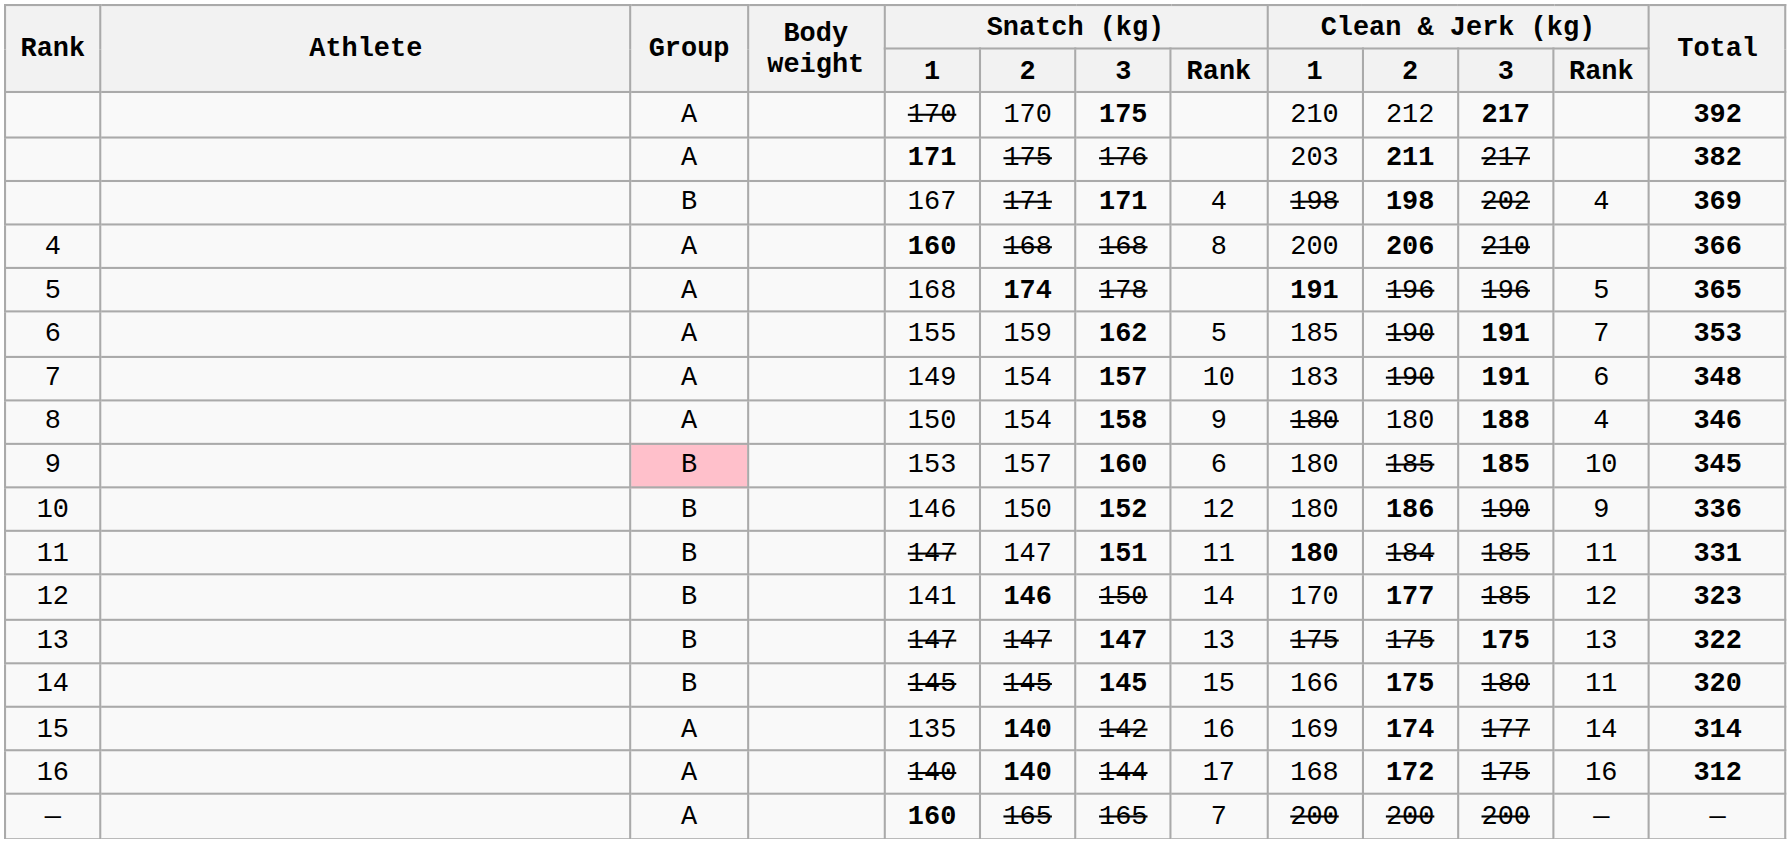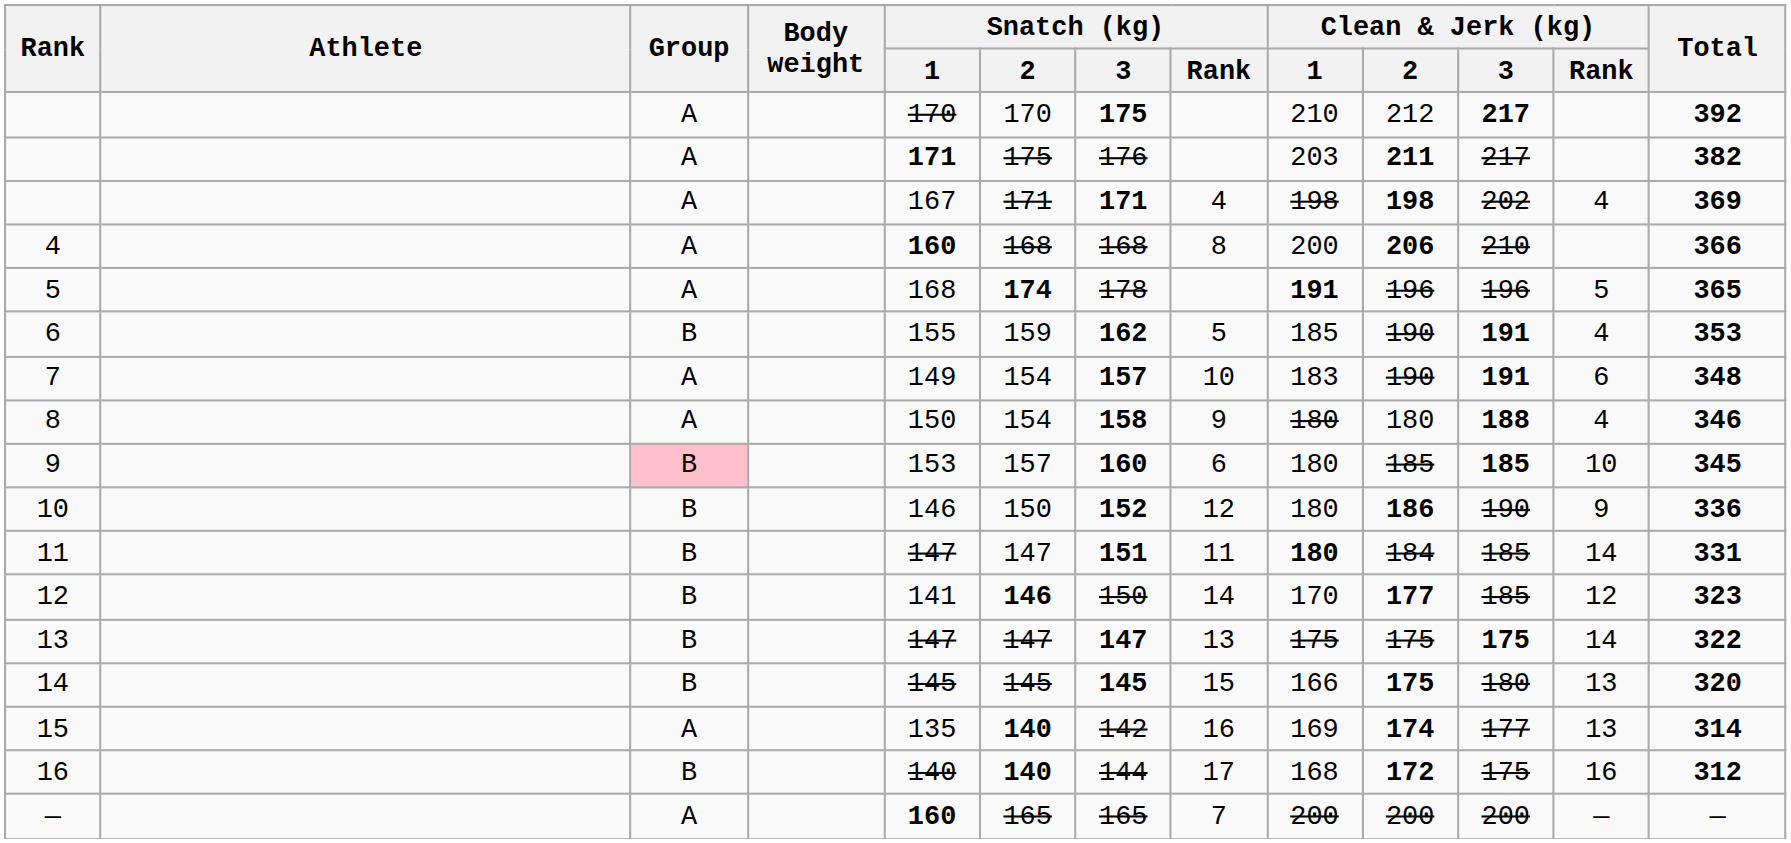 <table class = "wikitable" style="text-align:center;">
 <tr>
 <th rowspan=2 width=40>Rank</th>
 <th rowspan=2 width=250>Athlete</th>
 <th rowspan=2 width=50>Group</th>
 <th rowspan=2 width=60>Body weight</th>
 <th colspan=4>Snatch (kg)</th>
 <th colspan=4>Clean & Jerk (kg)</th>
 <th rowspan=2 width=60>Total</th>
 </tr>
 <tr>
 <th width=40>1</th>
 <th width=40>2</th>
 <th width=40>3</th>
 <th width=40>Rank</th>
 <th width=40>1</th>
 <th width=40>2</th>
 <th width=40>3</th>
 <th width=40>Rank</th>
 </tr>
 <tr>
 <td></td>
 <td align=left></td>
 <td>A</td>
 <td></td>
 <td><s>170</s></td>
 <td>170</td>
 <td><strong>175</strong></td>
 <td></td>
 <td>210</td>
 <td>212</td>
 <td><strong>217</strong></td>
 <td></td>
 <td><strong>392</strong></td>
 </tr>
 <tr>
 <td></td>
 <td align=left></td>
 <td>A</td>
 <td></td>
 <td><strong>171</strong></td>
 <td><s>175</s></td>
 <td><s>176</s></td>
 <td></td>
 <td>203</td>
 <td><strong>211</strong></td>
 <td><s>217</s></td>
 <td></td>
 <td><strong>382</strong></td>
 </tr>
 <tr>
 <td></td>
 <td align=left></td>
-<td>B</td>
+<td>A</td>
 <td></td>
 <td>167</td>
 <td><s>171</s></td>
 <td><strong>171</strong></td>
 <td>4</td>
 <td><s>198</s></td>
 <td><strong>198</strong></td>
 <td><s>202</s></td>
 <td>4</td>
 <td><strong>369</strong></td>
 </tr>
 <tr>
 <td>4</td>
 <td align=left></td>
 <td>A</td>
 <td></td>
 <td><strong>160</strong></td>
 <td><s>168</s></td>
 <td><s>168</s></td>
 <td>8</td>
 <td>200</td>
 <td><strong>206</strong></td>
 <td><s>210</s></td>
 <td></td>
 <td><strong>366</strong></td>
 </tr>
 <tr>
 <td>5</td>
 <td align=left></td>
 <td>A</td>
 <td></td>
 <td>168</td>
 <td><strong>174</strong></td>
 <td><s>178</s></td>
 <td></td>
 <td><strong>191</strong></td>
 <td><s>196</s></td>
 <td><s>196</s></td>
 <td>5</td>
 <td><strong>365</strong></td>
 </tr>
 <tr>
 <td>6</td>
 <td align=left></td>
-<td>A</td>
+<td>B</td>
 <td></td>
 <td>155</td>
 <td>159</td>
 <td><strong>162</strong></td>
 <td>5</td>
 <td>185</td>
 <td><s>190</s></td>
 <td><strong>191</strong></td>
-<td>7</td>
+<td>4</td>
 <td><strong>353</strong></td>
 </tr>
 <tr>
 <td>7</td>
 <td align=left></td>
 <td>A</td>
 <td></td>
 <td>149</td>
 <td>154</td>
 <td><strong>157</strong></td>
 <td>10</td>
 <td>183</td>
 <td><s>190</s></td>
 <td><strong>191</strong></td>
 <td>6</td>
 <td><strong>348</strong></td>
 </tr>
 <tr>
 <td>8</td>
 <td align=left></td>
 <td>A</td>
 <td></td>
 <td>150</td>
 <td>154</td>
 <td><strong>158</strong></td>
 <td>9</td>
 <td><s>180</s></td>
 <td>180</td>
 <td><strong>188</strong></td>
 <td>4</td>
 <td><strong>346</strong></td>
 </tr>
 <tr>
 <td>9</td>
 <td align=left></td>
 <td style="background: pink;">B</td>
 <td></td>
 <td>153</td>
 <td>157</td>
 <td><strong>160</strong></td>
 <td>6</td>
 <td>180</td>
 <td><s>185</s></td>
 <td><strong>185</strong></td>
 <td>10</td>
 <td><strong>345</strong></td>
 </tr>
 <tr>
 <td>10</td>
 <td align=left></td>
 <td>B</td>
 <td></td>
 <td>146</td>
 <td>150</td>
 <td><strong>152</strong></td>
 <td>12</td>
 <td>180</td>
 <td><strong>186</strong></td>
 <td><s>190</s></td>
 <td>9</td>
 <td><strong>336</strong></td>
 </tr>
 <tr>
 <td>11</td>
 <td align=left></td>
 <td>B</td>
 <td></td>
 <td><s>147</s></td>
 <td>147</td>
 <td><strong>151</strong></td>
 <td>11</td>
 <td><strong>180</strong></td>
 <td><s>184</s></td>
 <td><s>185</s></td>
-<td>11</td>
+<td>14</td>
 <td><strong>331</strong></td>
 </tr>
 <tr>
 <td>12</td>
 <td align=left></td>
 <td>B</td>
 <td></td>
 <td>141</td>
 <td><strong>146</strong></td>
 <td><s>150</s></td>
 <td>14</td>
 <td>170</td>
 <td><strong>177</strong></td>
 <td><s>185</s></td>
 <td>12</td>
 <td><strong>323</strong></td>
 </tr>
 <tr>
 <td>13</td>
 <td align=left></td>
 <td>B</td>
 <td></td>
 <td><s>147</s></td>
 <td><s>147</s></td>
 <td><strong>147</strong></td>
 <td>13</td>
 <td><s>175</s></td>
 <td><s>175</s></td>
 <td><strong>175</strong></td>
-<td>13</td>
+<td>14</td>
 <td><strong>322</strong></td>
 </tr>
 <tr>
 <td>14</td>
 <td align=left></td>
 <td>B</td>
 <td></td>
 <td><s>145</s></td>
 <td><s>145</s></td>
 <td><strong>145</strong></td>
 <td>15</td>
 <td>166</td>
 <td><strong>175</strong></td>
 <td><s>180</s></td>
-<td>11</td>
+<td>13</td>
 <td><strong>320</strong></td>
 </tr>
 <tr>
 <td>15</td>
 <td align=left></td>
 <td>A</td>
 <td></td>
 <td>135</td>
 <td><strong>140</strong></td>
 <td><s>142</s></td>
 <td>16</td>
 <td>169</td>
 <td><strong>174</strong></td>
 <td><s>177</s></td>
-<td>14</td>
+<td>13</td>
 <td><strong>314</strong></td>
 </tr>
 <tr>
 <td>16</td>
 <td align=left></td>
-<td>A</td>
+<td>B</td>
 <td></td>
 <td><s>140</s></td>
 <td><strong>140</strong></td>
 <td><s>144</s></td>
 <td>17</td>
 <td>168</td>
 <td><strong>172</strong></td>
 <td><s>175</s></td>
 <td>16</td>
 <td><strong>312</strong></td>
 </tr>
 <tr>
 <td>—</td>
 <td align=left></td>
 <td>A</td>
 <td></td>
 <td><strong>160</strong></td>
 <td><s>165</s></td>
 <td><s>165</s></td>
 <td>7</td>
 <td><s>200</s></td>
 <td><s>200</s></td>
 <td><s>200</s></td>
 <td>—</td>
 <td>—</td>
 </tr>
 </table>
